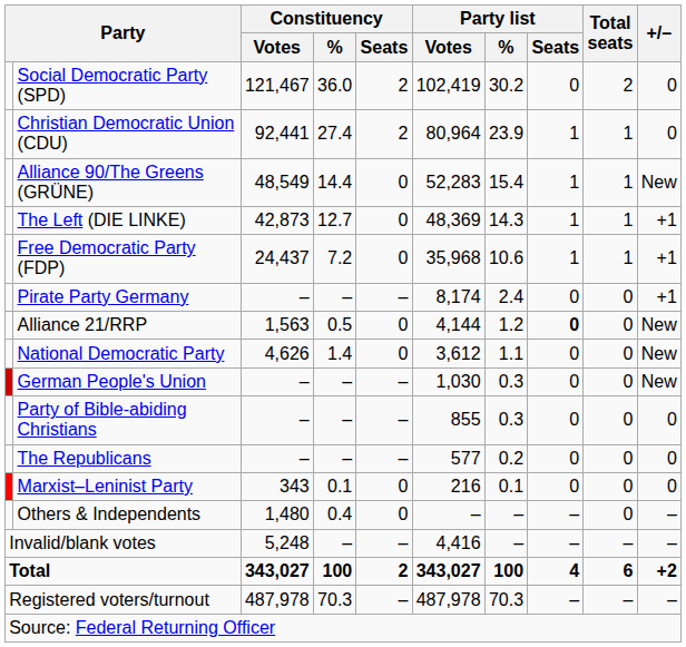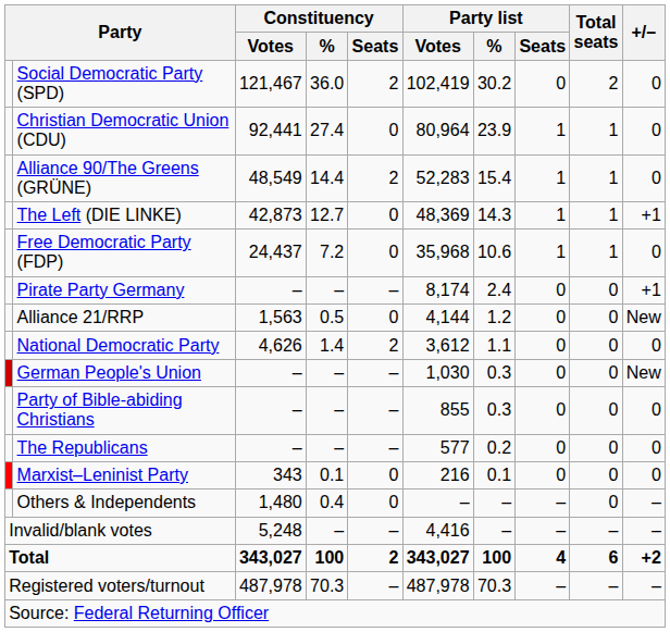 <table class="wikitable" style="text-align:right">
 <tr>
 <th colspan="2" rowspan="2">Party</th>
 <th colspan="3">Constituency</th>
 <th colspan="3">Party list</th>
 <th rowspan="2">Total<br>seats</th>
 <th rowspan="2">+/–</th>
 </tr>
 <tr>
 <th>Votes</th>
 <th>%</th>
 <th>Seats</th>
 <th>Votes</th>
 <th>%</th>
 <th>Seats</th>
 </tr>
 <tr>
 <td></td>
 <td align="left"><a href='#'>Social Democratic Party</a> (SPD)</td>
 <td>121,467</td>
 <td>36.0</td>
 <td>2</td>
 <td>102,419</td>
 <td>30.2</td>
 <td>0</td>
 <td>2</td>
 <td>0</td>
 </tr>
 <tr>
 <td></td>
 <td align="left"><a href='#'>Christian Democratic Union</a> (CDU)</td>
 <td>92,441</td>
 <td>27.4</td>
-<td>2</td>
+<td>0</td>
 <td>80,964</td>
 <td>23.9</td>
 <td>1</td>
 <td>1</td>
 <td>0</td>
 </tr>
 <tr>
 <td></td>
 <td align="left"><a href='#'>Alliance 90/The Greens</a> (GRÜNE)</td>
 <td>48,549</td>
 <td>14.4</td>
-<td>0</td>
+<td>2</td>
 <td>52,283</td>
 <td>15.4</td>
 <td>1</td>
 <td>1</td>
-<td>New</td>
+<td>0</td>
 </tr>
 <tr>
 <td></td>
 <td align="left"><a href='#'>The Left</a> (DIE LINKE)</td>
 <td>42,873</td>
 <td>12.7</td>
 <td>0</td>
 <td>48,369</td>
 <td>14.3</td>
 <td>1</td>
 <td>1</td>
 <td>+1</td>
 </tr>
 <tr>
 <td></td>
 <td align="left"><a href='#'>Free Democratic Party</a> (FDP)</td>
 <td>24,437</td>
 <td>7.2</td>
 <td>0</td>
 <td>35,968</td>
 <td>10.6</td>
 <td>1</td>
 <td>1</td>
-<td>+1</td>
+<td>0</td>
 </tr>
 <tr>
 <td style="background-color:"></td>
 <td align="left"><a href='#'>Pirate Party Germany</a></td>
 <td>–</td>
 <td>–</td>
 <td>–</td>
 <td>8,174</td>
 <td>2.4</td>
 <td>0</td>
 <td>0</td>
 <td>+1</td>
 </tr>
 <tr>
 <td></td>
 <td align="left">Alliance 21/RRP</td>
 <td>1,563</td>
 <td>0.5</td>
 <td>0</td>
 <td>4,144</td>
 <td>1.2</td>
-<td><strong>0</strong></td>
+<td>0</td>
 <td>0</td>
 <td>New</td>
 </tr>
 <tr>
 <td style="background-color:"></td>
 <td align="left"><a href='#'>National Democratic Party</a></td>
 <td>4,626</td>
 <td>1.4</td>
-<td>0</td>
+<td>2</td>
 <td>3,612</td>
 <td>1.1</td>
 <td>0</td>
 <td>0</td>
-<td>New</td>
+<td>0</td>
 </tr>
 <tr>
 <td style="background-color:#CC0000"></td>
 <td align="left"><a href='#'>German People's Union</a></td>
 <td>–</td>
 <td>–</td>
 <td>–</td>
 <td>1,030</td>
 <td>0.3</td>
 <td>0</td>
 <td>0</td>
 <td>New</td>
 </tr>
 <tr>
 <td></td>
 <td align="left"><a href='#'>Party of Bible-abiding Christians</a></td>
 <td>–</td>
 <td>–</td>
 <td>–</td>
 <td>855</td>
 <td>0.3</td>
 <td>0</td>
 <td>0</td>
 <td>0</td>
 </tr>
 <tr>
 <td style="background-color:"></td>
 <td align="left"><a href='#'>The Republicans</a></td>
 <td>–</td>
 <td>–</td>
 <td>–</td>
 <td>577</td>
 <td>0.2</td>
 <td>0</td>
 <td>0</td>
 <td>0</td>
 </tr>
 <tr>
 <td style="background-color:red"></td>
 <td align="left"><a href='#'>Marxist–Leninist Party</a></td>
 <td>343</td>
 <td>0.1</td>
 <td>0</td>
 <td>216</td>
 <td>0.1</td>
 <td>0</td>
 <td>0</td>
 <td>0</td>
 </tr>
 <tr>
 <td></td>
 <td align="left">Others & Independents</td>
 <td>1,480</td>
 <td>0.4</td>
 <td>0</td>
 <td>–</td>
 <td>–</td>
 <td>–</td>
 <td>0</td>
 <td>–</td>
 </tr>
 <tr>
 <td colspan="2" align="left">Invalid/blank votes</td>
 <td>5,248</td>
 <td>–</td>
 <td>–</td>
 <td>4,416</td>
 <td>–</td>
 <td>–</td>
 <td>–</td>
 <td>–</td>
 </tr>
 <tr>
 <td colspan="2" align="left"><strong>Total</strong></td>
 <td><strong>343,027</strong></td>
 <td><strong>100</strong></td>
 <td><strong>2</strong></td>
 <td><strong>343,027</strong></td>
 <td><strong>100</strong></td>
 <td><strong>4</strong></td>
 <td><strong>6</strong></td>
 <td><strong>+2</strong></td>
 </tr>
 <tr>
 <td colspan="2" align="left">Registered voters/turnout</td>
 <td>487,978</td>
 <td>70.3</td>
 <td>–</td>
 <td>487,978</td>
 <td>70.3</td>
 <td>–</td>
 <td>–</td>
 <td>–</td>
 </tr>
 <tr>
 <td colspan="10" align="left">Source: <a href='#'>Federal Returning Officer</a></td>
 </tr>
 </table>
